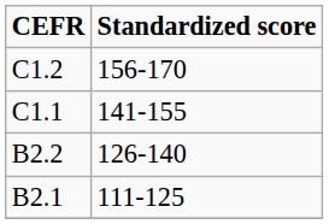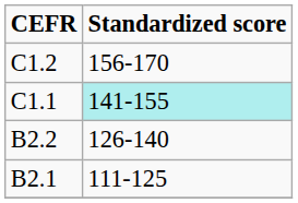 <table class="wikitable">
 <tr>
 <td><strong>CEFR</strong></td>
 <td><strong>Standardized score</strong></td>
 </tr>
 <tr>
 <td>C1.2</td>
 <td>156-170</td>
 </tr>
 <tr>
 <td>C1.1</td>
-<td>141-155</td>
+<td style="background: paleturquoise;">141-155</td>
 </tr>
 <tr>
 <td>B2.2</td>
 <td>126-140</td>
 </tr>
 <tr>
 <td>B2.1</td>
 <td>111-125</td>
 </tr>
 <tr>
 </tr>
 </table>
